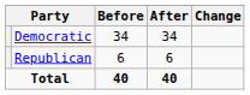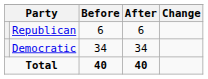 <table class="wikitable" style="text-align:center;">
 <tr>
 </tr>
 <tr>
 <th colspan=2>Party</th>
 <th>Before</th>
 <th>After</th>
 <th>Change</th>
 </tr>
 <tr>
 <th style="background-color:"></th>
-<td style="text-align:left;"><a href='#'>Democratic</a></td>
-<td>34</td>
-<td>34</td>
+<td style="text-align:left;"><a href='#'>Republican</a></td>
+<td>6</td>
+<td>6</td>
 <td></td>
 </tr>
 <tr>
 <th style="background-color:"></th>
-<td style="text-align:left;"><a href='#'>Republican</a></td>
-<td>6</td>
-<td>6</td>
+<td style="text-align:left;"><a href='#'>Democratic</a></td>
+<td>34</td>
+<td>34</td>
 <td></td>
 </tr>
 <tr>
 <td colspan=2><strong>Total</strong></td>
 <td><strong>40</strong></td>
 <td><strong>40</strong></td>
 <td></td>
 </tr>
 </table>
